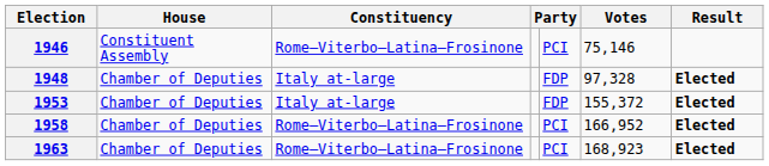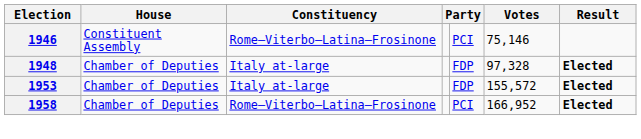 <table class=wikitable style="width:55%; border:1px #AAAAFF solid">
 <tr>
 <th width=12%>Election</th>
 <th width=23%>House</th>
 <th width=34%>Constituency</th>
 <th width=5% colspan="2">Party</th>
 <th width=12%>Votes</th>
 <th width=12%>Result</th>
 </tr>
 <tr>
 <th><a href='#'>1946</a></th>
 <td><a href='#'>Constituent Assembly</a></td>
 <td><a href='#'>Rome–Viterbo–Latina–Frosinone</a></td>
 <td></td>
 <td><a href='#'>PCI</a></td>
 <td>75,146</td>
 <td></td>
 </tr>
 <tr>
 <th><a href='#'>1948</a></th>
 <td><a href='#'>Chamber of Deputies</a></td>
 <td><a href='#'>Italy at-large</a></td>
 <td></td>
 <td><a href='#'>FDP</a></td>
 <td>97,328</td>
 <td> <strong>Elected</strong></td>
 </tr>
 <tr>
 <th><a href='#'>1953</a></th>
 <td><a href='#'>Chamber of Deputies</a></td>
 <td><a href='#'>Italy at-large</a></td>
 <td></td>
 <td><a href='#'>FDP</a></td>
-<td>155,372</td>
+<td>155,572</td>
 <td> <strong>Elected</strong></td>
 </tr>
 <tr>
 <th><a href='#'>1958</a></th>
 <td><a href='#'>Chamber of Deputies</a></td>
 <td><a href='#'>Rome–Viterbo–Latina–Frosinone</a></td>
 <td></td>
 <td><a href='#'>PCI</a></td>
 <td>166,952</td>
 <td> <strong>Elected</strong></td>
 </tr>
-<tr>
-<th><a href='#'>1963</a></th>
-<td><a href='#'>Chamber of Deputies</a></td>
-<td><a href='#'>Rome–Viterbo–Latina–Frosinone</a></td>
-<td></td>
-<td><a href='#'>PCI</a></td>
-<td>168,923</td>
-<td> <strong>Elected</strong></td>
-</tr>
 </table>
